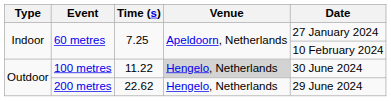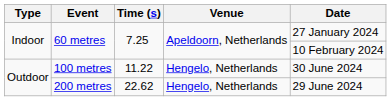 <table class="wikitable plainrowheaders">
 <tr>
 <th scope="col">Type</th>
 <th scope="col">Event</th>
 <th scope="col">Time (<a href='#'>s</a>)</th>
 <th scope="col">Venue</th>
 <th scope="col">Date</th>
 </tr>
 <tr>
 <td rowspan="2" style="text-align:center;">Indoor</td>
 <td rowspan="2"><a href='#'>60 metres</a></td>
 <td rowspan="2" style="text-align:center;">7.25 </td>
 <td rowspan="2"><a href='#'>Apeldoorn</a>, Netherlands</td>
 <td>27 January 2024</td>
 </tr>
 <tr>
 <td>10 February 2024</td>
 </tr>
 <tr>
 <td rowspan="2" style="text-align:center;">Outdoor</td>
 <td><a href='#'>100 metres</a></td>
 <td style="text-align:center;">11.22</td>
-<td style="background: lightgrey;"><a href='#'>Hengelo</a>, Netherlands</td>
+<td><a href='#'>Hengelo</a>, Netherlands</td>
 <td>30 June 2024</td>
 </tr>
 <tr>
 <td><a href='#'>200 metres</a></td>
 <td style="text-align:center;">22.62</td>
 <td><a href='#'>Hengelo</a>, Netherlands</td>
 <td>29 June 2024</td>
 </tr>
 </table>
